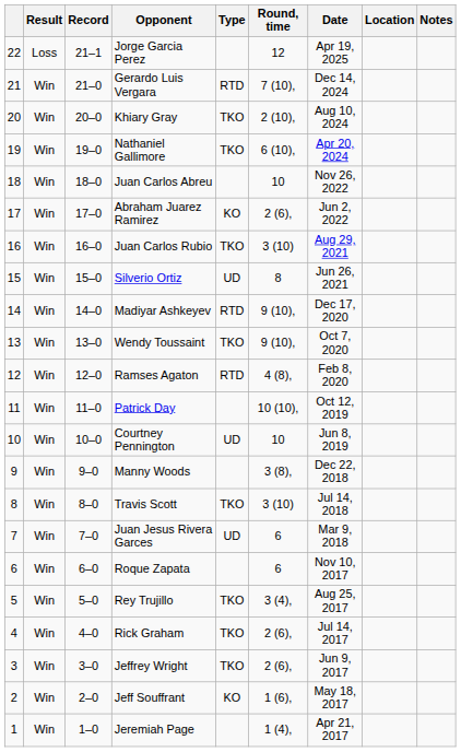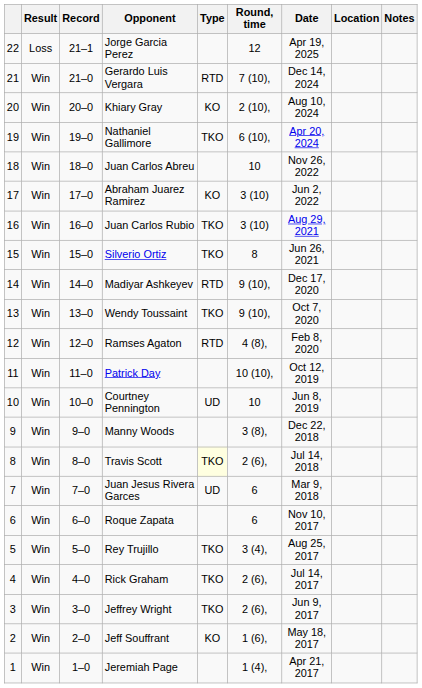 <table class="wikitable" style="text-align:center">
 <tr>
 <th></th>
 <th>Result</th>
 <th>Record</th>
 <th>Opponent</th>
 <th>Type</th>
 <th>Round, time</th>
 <th>Date</th>
 <th>Location</th>
 <th>Notes</th>
 </tr>
 <tr>
 <td>22</td>
 <td>Loss</td>
 <td>21–1</td>
 <td style="text-align:left;">Jorge Garcia Perez</td>
 <td></td>
 <td>12</td>
 <td>Apr 19, 2025</td>
 <td style="text-align:left;"></td>
 <td></td>
 </tr>
 <tr>
 <td>21</td>
 <td>Win</td>
 <td>21–0</td>
 <td style="text-align:left;">Gerardo Luis Vergara</td>
 <td>RTD</td>
 <td>7 (10), </td>
 <td>Dec 14, 2024</td>
 <td style="text-align:left;"></td>
 <td></td>
 </tr>
 <tr>
 <td>20</td>
 <td>Win</td>
 <td>20–0</td>
 <td style="text-align:left;">Khiary Gray</td>
-<td>TKO</td>
+<td>KO</td>
 <td>2 (10), </td>
 <td>Aug 10, 2024</td>
 <td style="text-align:left;"></td>
 <td></td>
 </tr>
 <tr>
 <td>19</td>
 <td>Win</td>
 <td>19–0</td>
 <td style="text-align:left;">Nathaniel Gallimore</td>
 <td>TKO</td>
 <td>6 (10), </td>
 <td><a href='#'>Apr 20, 2024</a></td>
 <td style="text-align:left;"></td>
 <td></td>
 </tr>
 <tr>
 <td>18</td>
 <td>Win</td>
 <td>18–0</td>
 <td style="text-align:left;">Juan Carlos Abreu</td>
 <td></td>
 <td>10</td>
 <td>Nov 26, 2022</td>
 <td style="text-align:left;"></td>
 <td></td>
 </tr>
 <tr>
 <td>17</td>
 <td>Win</td>
 <td>17–0</td>
 <td style="text-align:left;">Abraham Juarez Ramirez</td>
 <td>KO</td>
-<td>2 (6), </td>
+<td>3 (10) </td>
 <td>Jun 2, 2022</td>
 <td style="text-align:left;"></td>
 <td></td>
 </tr>
 <tr>
 <td>16</td>
 <td>Win</td>
 <td>16–0</td>
 <td style="text-align:left;">Juan Carlos Rubio</td>
 <td>TKO</td>
 <td>3 (10) </td>
 <td><a href='#'>Aug 29, 2021</a></td>
 <td style="text-align:left;"></td>
 <td style="text-align:left;"></td>
 </tr>
 <tr>
 <td>15</td>
 <td>Win</td>
 <td>15–0</td>
 <td style="text-align:left;"><a href='#'>Silverio Ortiz</a></td>
-<td>UD</td>
+<td>TKO</td>
 <td>8</td>
 <td>Jun 26, 2021</td>
 <td style="text-align:left;"></td>
 <td></td>
 </tr>
 <tr>
 <td>14</td>
 <td>Win</td>
 <td>14–0</td>
 <td style="text-align:left;">Madiyar Ashkeyev</td>
 <td>RTD</td>
 <td>9 (10), </td>
 <td>Dec 17, 2020</td>
 <td style="text-align:left;"></td>
 <td style="text-align:left;"></td>
 </tr>
 <tr>
 <td>13</td>
 <td>Win</td>
 <td>13–0</td>
 <td style="text-align:left;">Wendy Toussaint</td>
 <td>TKO</td>
 <td>9 (10), </td>
 <td>Oct 7, 2020</td>
 <td style="text-align:left;"></td>
 <td style="text-align:left;"></td>
 </tr>
 <tr>
 <td>12</td>
 <td>Win</td>
 <td>12–0</td>
 <td style="text-align:left;">Ramses Agaton</td>
 <td>RTD</td>
 <td>4 (8), </td>
 <td>Feb 8, 2020</td>
 <td style="text-align:left;"></td>
 <td></td>
 </tr>
 <tr>
 <td>11</td>
 <td>Win</td>
 <td>11–0</td>
 <td style="text-align:left;"><a href='#'>Patrick Day</a></td>
 <td></td>
 <td>10 (10), </td>
 <td>Oct 12, 2019</td>
 <td style="text-align:left;"></td>
 <td style="text-align:left;"></td>
 </tr>
 <tr>
 <td>10</td>
 <td>Win</td>
 <td>10–0</td>
 <td style="text-align:left;">Courtney Pennington</td>
 <td>UD</td>
 <td>10</td>
 <td>Jun 8, 2019</td>
 <td style="text-align:left;"></td>
 <td style="text-align:left;"></td>
 </tr>
 <tr>
 <td>9</td>
 <td>Win</td>
 <td>9–0</td>
 <td style="text-align:left;">Manny Woods</td>
 <td></td>
 <td>3 (8), </td>
 <td>Dec 22, 2018</td>
 <td style="text-align:left;"></td>
 <td></td>
 </tr>
 <tr>
 <td>8</td>
 <td>Win</td>
 <td>8–0</td>
 <td style="text-align:left;">Travis Scott</td>
-<td>TKO</td>
-<td>3 (10) </td>
+<td style="background: lightyellow;">TKO</td>
+<td>2 (6), </td>
 <td>Jul 14, 2018</td>
 <td style="text-align:left;"></td>
 <td></td>
 </tr>
 <tr>
 <td>7</td>
 <td>Win</td>
 <td>7–0</td>
 <td style="text-align:left;">Juan Jesus Rivera Garces</td>
 <td>UD</td>
 <td>6</td>
 <td>Mar 9, 2018</td>
 <td style="text-align:left;"></td>
 <td></td>
 </tr>
 <tr>
 <td>6</td>
 <td>Win</td>
 <td>6–0</td>
 <td style="text-align:left;">Roque Zapata</td>
 <td></td>
 <td>6</td>
 <td>Nov 10, 2017</td>
 <td style="text-align:left;"></td>
 <td></td>
 </tr>
 <tr>
 <td>5</td>
 <td>Win</td>
 <td>5–0</td>
 <td style="text-align:left;">Rey Trujillo</td>
 <td>TKO</td>
 <td>3 (4), </td>
 <td>Aug 25, 2017</td>
 <td style="text-align:left;"></td>
 <td></td>
 </tr>
 <tr>
 <td>4</td>
 <td>Win</td>
 <td>4–0</td>
 <td style="text-align:left;">Rick Graham</td>
 <td>TKO</td>
 <td>2 (6), </td>
 <td>Jul 14, 2017</td>
 <td style="text-align:left;"></td>
 <td></td>
 </tr>
 <tr>
 <td>3</td>
 <td>Win</td>
 <td>3–0</td>
 <td style="text-align:left;">Jeffrey Wright</td>
 <td>TKO</td>
 <td>2 (6), </td>
 <td>Jun 9, 2017</td>
 <td style="text-align:left;"></td>
 <td></td>
 </tr>
 <tr>
 <td>2</td>
 <td>Win</td>
 <td>2–0</td>
 <td style="text-align:left;">Jeff Souffrant</td>
 <td>KO</td>
 <td>1 (6), </td>
 <td>May 18, 2017</td>
 <td style="text-align:left;"></td>
 <td></td>
 </tr>
 <tr>
 <td>1</td>
 <td>Win</td>
 <td>1–0</td>
 <td style="text-align:left;">Jeremiah Page</td>
 <td></td>
 <td>1 (4), </td>
 <td>Apr 21, 2017</td>
 <td style="text-align:left;"></td>
 <td></td>
 </tr>
 </table>
